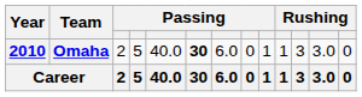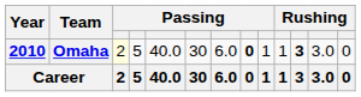 <table class="wikitable" style="text-align:center;">
 <tr>
 <th rowspan="2">Year</th>
 <th rowspan="2">Team</th>
 <th colspan="7">Passing</th>
 <th colspan="4">Rushing</th>
 </tr>
 <tr>
 <th></th>
 <th></th>
 <th></th>
 <th></th>
 <th></th>
 <th></th>
 <th></th>
 <th></th>
 <th></th>
 <th></th>
 <th></th>
 </tr>
 <tr>
 <th><a href='#'>2010</a></th>
 <th><a href='#'>Omaha</a></th>
-<td>2</td>
+<td style="background: lightyellow;">2</td>
 <td>5</td>
 <td>40.0</td>
-<td><strong>30</strong></td>
+<td>30</td>
 <td>6.0</td>
-<td>0</td>
+<td><strong>0</strong></td>
 <td>1</td>
 <td>1</td>
-<td>3</td>
+<td><strong>3</strong></td>
 <td>3.0</td>
 <td>0</td>
 </tr>
 <tr>
 <th colspan="2">Career</th>
 <th>2</th>
 <th>5</th>
 <th>40.0</th>
 <th>30</th>
 <th>6.0</th>
 <th>0</th>
 <th>1</th>
 <th>1</th>
 <th>3</th>
 <th>3.0</th>
 <th>0</th>
 </tr>
 </table>
